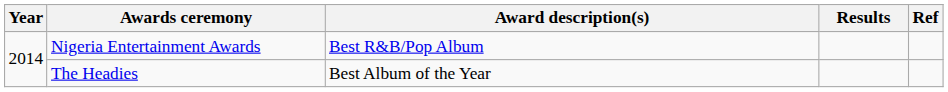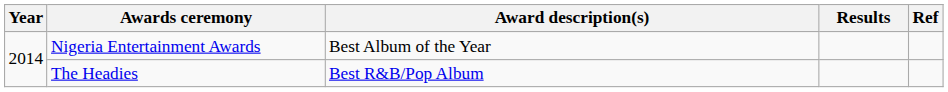 <table class="wikitable">
 <tr>
 <th>Year</th>
 <th width="250">Awards ceremony</th>
 <th width="450">Award description(s)</th>
 <th width="75">Results</th>
 <th width ="25">Ref</th>
 </tr>
 <tr>
 <td rowspan="2">2014</td>
 <td><a href='#'>Nigeria Entertainment Awards</a></td>
-<td><a href='#'>Best R&B/Pop Album</a></td>
+<td>Best Album of the Year</td>
 <td></td>
 <td></td>
 </tr>
 <tr>
 <td><a href='#'>The Headies</a></td>
-<td>Best Album of the Year</td>
+<td><a href='#'>Best R&B/Pop Album</a></td>
 <td></td>
 <td></td>
 </tr>
 </table>
